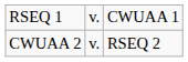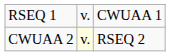 <table class="wikitable" style="margin:1em; clear:right; text-align:left; line-height:normal;">
 <tr>
 <td>RSEQ 1</td>
 <td>v.</td>
 <td>CWUAA 1</td>
 </tr>
 <tr>
 <td>CWUAA 2</td>
-<td>v.</td>
+<td style="background: lightyellow;">v.</td>
 <td>RSEQ 2</td>
 </tr>
 </table>
